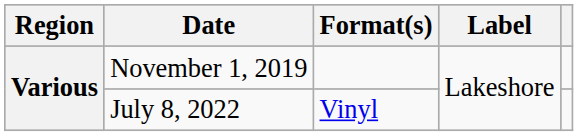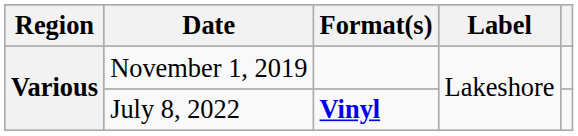 <table class="wikitable plainrowheaders">
 <tr>
 <th scope="col">Region</th>
 <th scope="col">Date</th>
 <th scope="col">Format(s)</th>
 <th scope="col">Label</th>
 <th scope="col"></th>
 </tr>
 <tr>
 <th rowspan="2" scope="row">Various</th>
 <td>November 1, 2019</td>
 <td></td>
 <td rowspan="2">Lakeshore</td>
 <td align="center"><br></td>
 </tr>
 <tr>
 <td>July 8, 2022</td>
-<td><a href='#'>Vinyl</a></td>
+<td><strong><a href='#'>Vinyl</a></strong></td>
 <td align="center"><br></td>
 </tr>
 </table>
